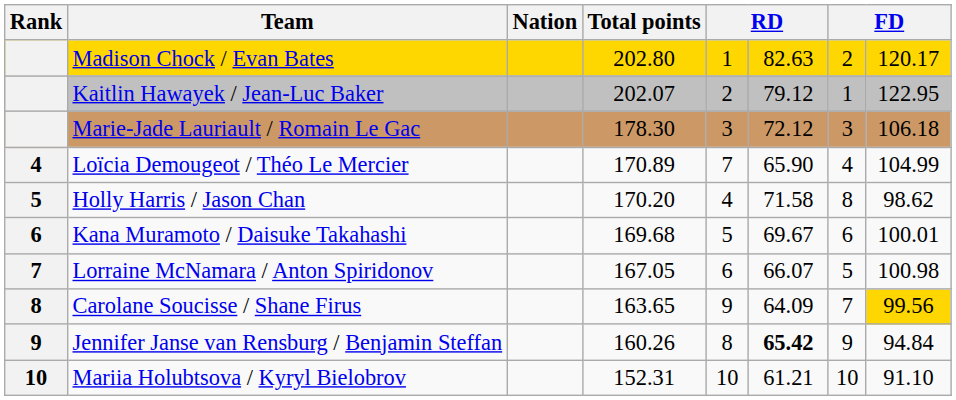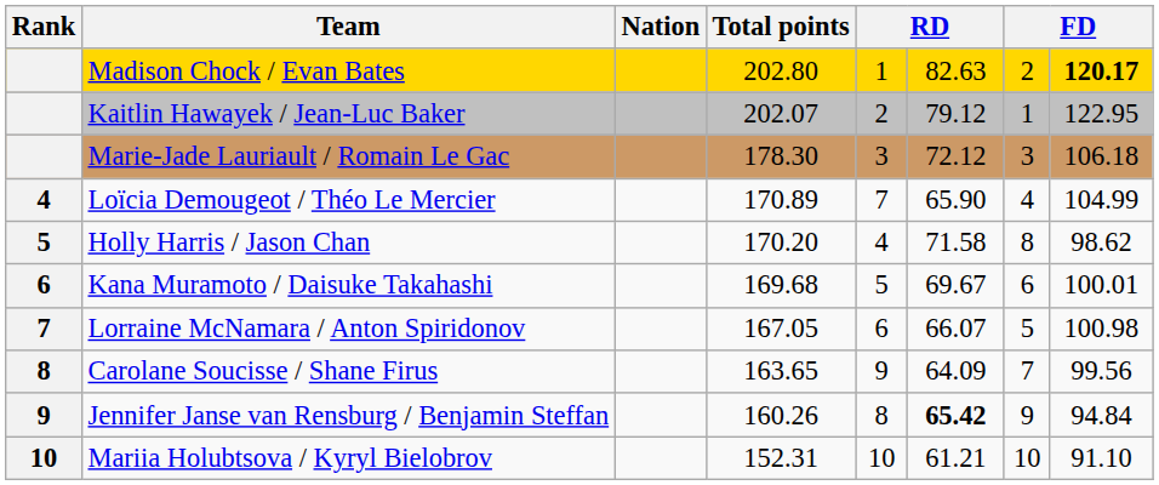 <table class="wikitable sortable" style="text-align:left;">
 <tr>
 <th scope="col">Rank</th>
 <th scope="col">Team</th>
 <th scope="col">Nation</th>
 <th scope="col">Total points</th>
 <th scope="col" colspan="2" width="80px"><a href='#'>RD</a></th>
 <th scope="col" colspan="2" width="80px"><a href='#'>FD</a></th>
 </tr>
 <tr bgcolor="gold">
 <th scope="row"></th>
 <td><a href='#'>Madison Chock</a> / <a href='#'>Evan Bates</a></td>
 <td></td>
 <td align="center">202.80</td>
 <td align="center">1</td>
 <td align="center">82.63</td>
 <td align="center">2</td>
-<td align="center">120.17</td>
+<td align="center"><strong>120.17</strong></td>
 </tr>
 <tr bgcolor="silver">
 <th scope="row"></th>
 <td><a href='#'>Kaitlin Hawayek</a> / <a href='#'>Jean-Luc Baker</a></td>
 <td></td>
 <td align="center">202.07</td>
 <td align="center">2</td>
 <td align="center">79.12</td>
 <td align="center">1</td>
 <td align="center">122.95</td>
 </tr>
 <tr bgcolor="cc9966">
 <th scope="row"></th>
 <td><a href='#'>Marie-Jade Lauriault</a> / <a href='#'>Romain Le Gac</a></td>
 <td></td>
 <td align="center">178.30</td>
 <td align="center">3</td>
 <td align="center">72.12</td>
 <td align="center">3</td>
 <td align="center">106.18</td>
 </tr>
 <tr>
 <th scope="row">4</th>
 <td><a href='#'>Loïcia Demougeot</a> / <a href='#'>Théo Le Mercier</a></td>
 <td></td>
 <td align="center">170.89</td>
 <td align="center">7</td>
 <td align="center">65.90</td>
 <td align="center">4</td>
 <td align="center">104.99</td>
 </tr>
 <tr>
 <th scope="row">5</th>
 <td><a href='#'>Holly Harris</a> / <a href='#'>Jason Chan</a></td>
 <td></td>
 <td align="center">170.20</td>
 <td align="center">4</td>
 <td align="center">71.58</td>
 <td align="center">8</td>
 <td align="center">98.62</td>
 </tr>
 <tr>
 <th scope="row">6</th>
 <td><a href='#'>Kana Muramoto</a> / <a href='#'>Daisuke Takahashi</a></td>
 <td></td>
 <td align="center">169.68</td>
 <td align="center">5</td>
 <td align="center">69.67</td>
 <td align="center">6</td>
 <td align="center">100.01</td>
 </tr>
 <tr>
 <th scope="row">7</th>
 <td><a href='#'>Lorraine McNamara</a> / <a href='#'>Anton Spiridonov</a></td>
 <td></td>
 <td align="center">167.05</td>
 <td align="center">6</td>
 <td align="center">66.07</td>
 <td align="center">5</td>
 <td align="center">100.98</td>
 </tr>
 <tr>
 <th scope="row">8</th>
 <td><a href='#'>Carolane Soucisse</a> / <a href='#'>Shane Firus</a></td>
 <td></td>
 <td align="center">163.65</td>
 <td align="center">9</td>
 <td align="center">64.09</td>
 <td align="center">7</td>
-<td align="center" style="background: gold;">99.56</td>
+<td align="center">99.56</td>
 </tr>
 <tr>
 <th scope="row">9</th>
 <td><a href='#'>Jennifer Janse van Rensburg</a> / <a href='#'>Benjamin Steffan</a></td>
 <td></td>
 <td align="center">160.26</td>
 <td align="center">8</td>
 <td align="center"><strong>65.42</strong></td>
 <td align="center">9</td>
 <td align="center">94.84</td>
 </tr>
 <tr>
 <th scope="row">10</th>
 <td><a href='#'>Mariia Holubtsova</a> / <a href='#'>Kyryl Bielobrov</a></td>
 <td></td>
 <td align="center">152.31</td>
 <td align="center">10</td>
 <td align="center">61.21</td>
 <td align="center">10</td>
 <td align="center">91.10</td>
 </tr>
 </table>
